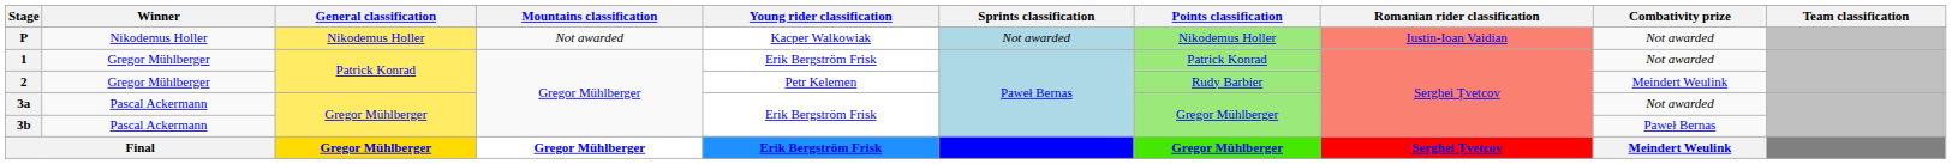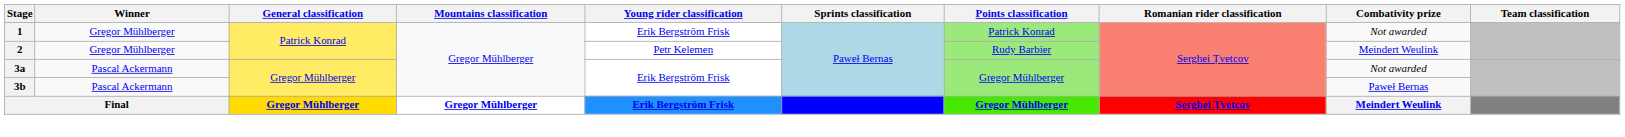 <table class="wikitable" style="text-align: center; font-size:smaller;">
 <tr>
 <th style="width:1%;">Stage</th>
 <th style="width:12%;">Winner</th>
 <th style=width="12%"><a href='#'>General classification</a><br></th>
 <th style=width="12%"><a href='#'>Mountains classification</a><br></th>
 <th style=width="12%"><a href='#'>Young rider classification</a><br></th>
 <th style=width="12%">Sprints classification<br></th>
 <th style=width="12%"><a href='#'>Points classification</a><br></th>
 <th style=width="12%">Romanian rider classification<br></th>
 <th style=width="12%">Combativity prize<br></th>
 <th style=width="12%">Team classification</th>
-</tr>
-<tr>
-<th>P</th>
-<td><a href='#'>Nikodemus Holler</a></td>
-<td style="background:#FFEB64;"><a href='#'>Nikodemus Holler</a></td>
-<td style="background:offwhite;"><em>Not awarded</em></td>
-<td style="background:white;"><a href='#'>Kacper Walkowiak</a></td>
-<td style="background:lightblue;"><em>Not awarded</em></td>
-<td style="background:#9CE97B;"><a href='#'>Nikodemus Holler</a></td>
-<td style="background:salmon;"><a href='#'>Iustin-Ioan Vaidian</a></td>
-<td><em>Not awarded</em></td>
-<td style="background:#C0C0C0;"></td>
 </tr>
 <tr>
 <th>1</th>
 <td><a href='#'>Gregor Mühlberger</a></td>
 <td style="background:#FFEB64;" rowspan="2"><a href='#'>Patrick Konrad</a></td>
 <td style="background:offwhite;" rowspan="4"><a href='#'>Gregor Mühlberger</a></td>
 <td style="background:white;"><a href='#'>Erik Bergström Frisk</a></td>
 <td style="background:lightblue;" rowspan="4"><a href='#'>Paweł Bernas</a></td>
 <td style="background:#9CE97B;"><a href='#'>Patrick Konrad</a></td>
 <td style="background:salmon;" rowspan="4"><a href='#'>Serghei Țvetcov</a></td>
 <td><em>Not awarded</em></td>
 <td style="background:#C0C0C0;" rowspan="2"></td>
 </tr>
 <tr>
 <th>2</th>
 <td><a href='#'>Gregor Mühlberger</a></td>
 <td style="background:white;"><a href='#'>Petr Kelemen</a></td>
 <td style="background:#9CE97B;"><a href='#'>Rudy Barbier</a></td>
 <td><a href='#'>Meindert Weulink</a></td>
 </tr>
 <tr>
 <th>3a</th>
 <td><a href='#'>Pascal Ackermann</a></td>
 <td style="background:#FFEB64;" rowspan="2"><a href='#'>Gregor Mühlberger</a></td>
 <td style="background:white;" rowspan="2"><a href='#'>Erik Bergström Frisk</a></td>
 <td style="background:#9CE97B;" rowspan="2"><a href='#'>Gregor Mühlberger</a></td>
 <td><em>Not awarded</em></td>
 <td style="background:#C0C0C0;" rowspan="2"></td>
 </tr>
 <tr>
 <th>3b</th>
 <td><a href='#'>Pascal Ackermann</a></td>
 <td><a href='#'>Paweł Bernas</a></td>
 </tr>
 <tr>
 <th colspan="2">Final</th>
 <th style="background:#FFDB00;"><a href='#'>Gregor Mühlberger</a></th>
 <th style="background:white;"><a href='#'>Gregor Mühlberger</a></th>
 <th style="background:dodgerblue;"><a href='#'>Erik Bergström Frisk</a></th>
 <th style="background:blue;"></th>
 <th style="background:#46E800;"><a href='#'>Gregor Mühlberger</a></th>
 <th style="background:red;"><a href='#'>Serghei Țvetcov</a></th>
 <th style="backgroung:orange;"><a href='#'>Meindert Weulink</a></th>
 <th style="background:grey;"></th>
 </tr>
 </table>
